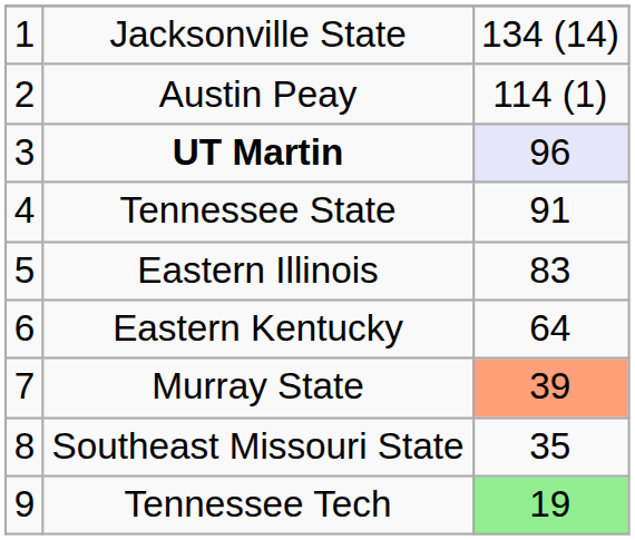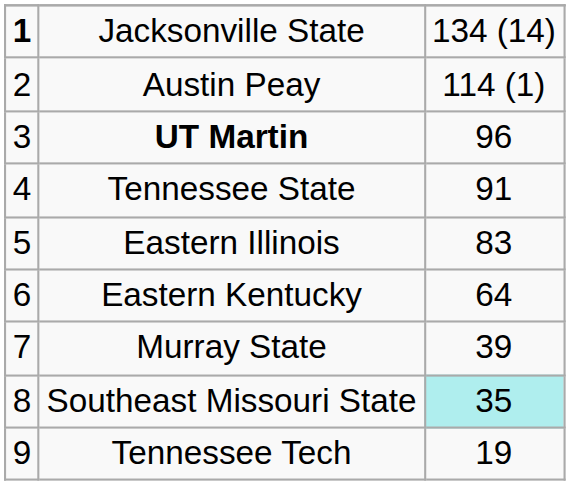 <table class="wikitable" style="display: inline-table;">
 <tr align="center">
 </tr>
 <tr align="center">
-<td>1</td>
+<td><strong>1</strong></td>
 <td>Jacksonville State</td>
 <td>134 (14)</td>
 </tr>
 <tr align="center">
 <td>2</td>
 <td>Austin Peay</td>
 <td>114 (1)</td>
 </tr>
 <tr align="center">
 <td>3</td>
 <td><strong>UT Martin</strong></td>
-<td style="background: lavender;">96</td>
+<td>96</td>
 </tr>
 <tr align="center">
 <td>4</td>
 <td>Tennessee State</td>
 <td>91</td>
 </tr>
 <tr align="center">
 <td>5</td>
 <td>Eastern Illinois</td>
 <td>83</td>
 </tr>
 <tr align="center">
 <td>6</td>
 <td>Eastern Kentucky</td>
 <td>64</td>
 </tr>
 <tr align="center">
 <td>7</td>
 <td>Murray State</td>
-<td style="background: lightsalmon;">39</td>
+<td>39</td>
 </tr>
 <tr align="center">
 <td>8</td>
 <td>Southeast Missouri State</td>
-<td>35</td>
+<td style="background: paleturquoise;">35</td>
 </tr>
 <tr align="center">
 <td>9</td>
 <td>Tennessee Tech</td>
-<td style="background: lightgreen;">19</td>
+<td>19</td>
 </tr>
 </table>
